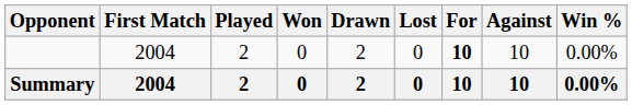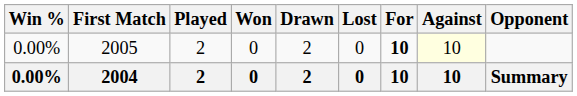 <table class="wikitable sortable" style="text-align:center;">
 <tr>
-<th>Opponent</th>
+<th>Win %</th>
 <th>First Match</th>
 <th>Played</th>
 <th>Won</th>
 <th>Drawn</th>
 <th>Lost</th>
 <th>For</th>
 <th>Against</th>
-<th>Win %</th>
+<th>Opponent</th>
 </tr>
 <tr>
-<td style="text-align: left;"></td>
-<td>2004</td>
+<td>0.00%</td>
+<td>2005</td>
 <td>2</td>
 <td>0</td>
 <td>2</td>
 <td>0</td>
 <td><strong>10</strong></td>
-<td>10</td>
-<td>0.00%</td>
+<td style="background: lightyellow;">10</td>
+<td style="text-align: left;"></td>
 </tr>
 <tr>
-<th>Summary</th>
+<th>0.00%</th>
 <th>2004</th>
 <th>2</th>
 <th>0</th>
 <th>2</th>
 <th>0</th>
 <th>10</th>
 <th>10</th>
-<th>0.00%</th>
+<th>Summary</th>
 </tr>
 </table>
